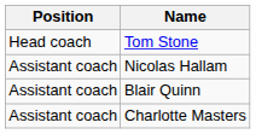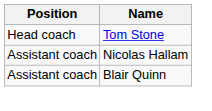 <table class="wikitable">
 <tr>
 <th width=px>Position</th>
 <th width=px>Name</th>
 </tr>
 <tr>
 <td>Head coach</td>
 <td> <a href='#'>Tom Stone</a></td>
 </tr>
 <tr>
 <td>Assistant coach</td>
 <td> Nicolas Hallam</td>
 </tr>
 <tr>
 <td>Assistant coach</td>
 <td> Blair Quinn</td>
 </tr>
-<tr>
-<td>Assistant coach</td>
-<td> Charlotte Masters</td>
-</tr>
 </table>
